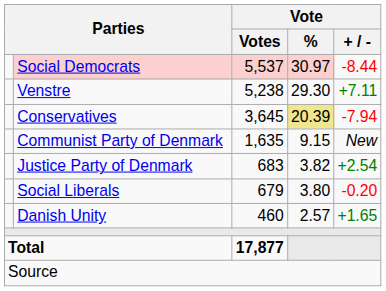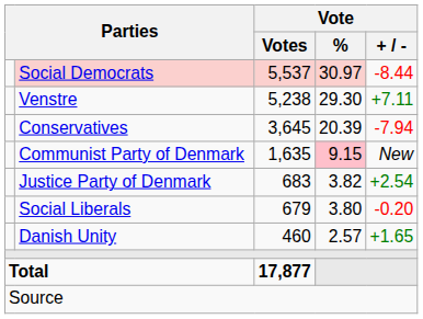 <table class="wikitable" style="text-align:right;">
 <tr>
 <th style="text-align:centre;" rowspan="2" colspan="2" width="225">Parties</th>
 <th colspan="3">Vote</th>
 </tr>
 <tr>
 <th width="15">Votes</th>
 <th width="15">%</th>
 <th width="15">+ / -</th>
 </tr>
 <tr>
 <td width="2" style="color:inherit;background:"></td>
 <td bgcolor=#fbd0ce  align="left"><a href='#'>Social Democrats</a></td>
 <td bgcolor=#fbd0ce>5,537</td>
 <td bgcolor=#fbd0ce>30.97</td>
 <td style=color:red;>-8.44</td>
 </tr>
 <tr>
 <td width="2" style="color:inherit;background:"></td>
 <td align="left"><a href='#'>Venstre</a></td>
 <td>5,238</td>
 <td>29.30</td>
 <td style=color:green;>+7.11</td>
 </tr>
 <tr>
 <td width="2" style="color:inherit;background:"></td>
 <td align="left"><a href='#'>Conservatives</a></td>
 <td>3,645</td>
-<td style="background: khaki;">20.39</td>
+<td>20.39</td>
 <td style=color:red;>-7.94</td>
 </tr>
 <tr>
 <td width="2" style="color:inherit;background:"></td>
 <td align="left"><a href='#'>Communist Party of Denmark</a></td>
 <td>1,635</td>
-<td>9.15</td>
+<td style="background: pink;">9.15</td>
 <td><em>New</em></td>
 </tr>
 <tr>
 <td width="2" style="color:inherit;background:"></td>
 <td align="left"><a href='#'>Justice Party of Denmark</a></td>
 <td>683</td>
 <td>3.82</td>
 <td style=color:green;>+2.54</td>
 </tr>
 <tr>
 <td width="2" style="color:inherit;background:"></td>
 <td align="left"><a href='#'>Social Liberals</a></td>
 <td>679</td>
 <td>3.80</td>
 <td style=color:red;>-0.20</td>
 </tr>
 <tr>
 <td width="2" style="color:inherit;background:"></td>
 <td align="left"><a href='#'>Danish Unity</a></td>
 <td>460</td>
 <td>2.57</td>
 <td style=color:green;>+1.65</td>
 </tr>
 <tr>
 <td colspan="7" bgcolor="#E9E9E9"></td>
 </tr>
 <tr>
 <td align="left" colspan="2"><strong>Total</strong></td>
 <td><strong>17,877</strong></td>
 <td bgcolor="#E9E9E9" colspan="2"></td>
 </tr>
 <tr>
 <td align="left" colspan="6">Source</td>
 </tr>
 </table>
